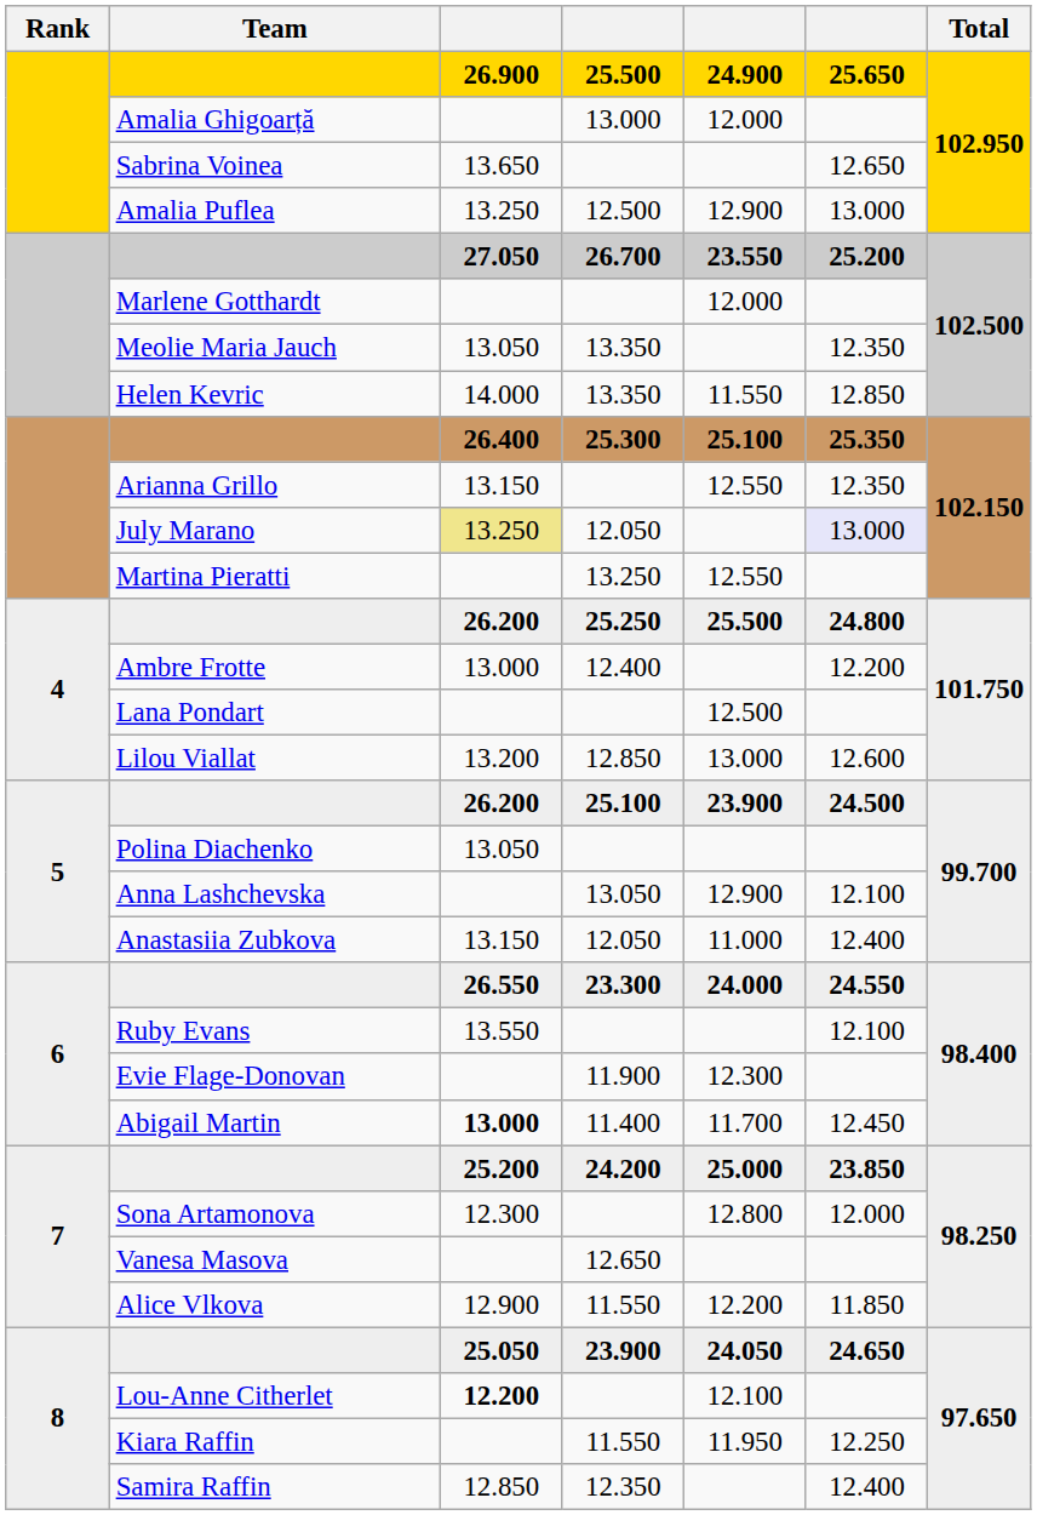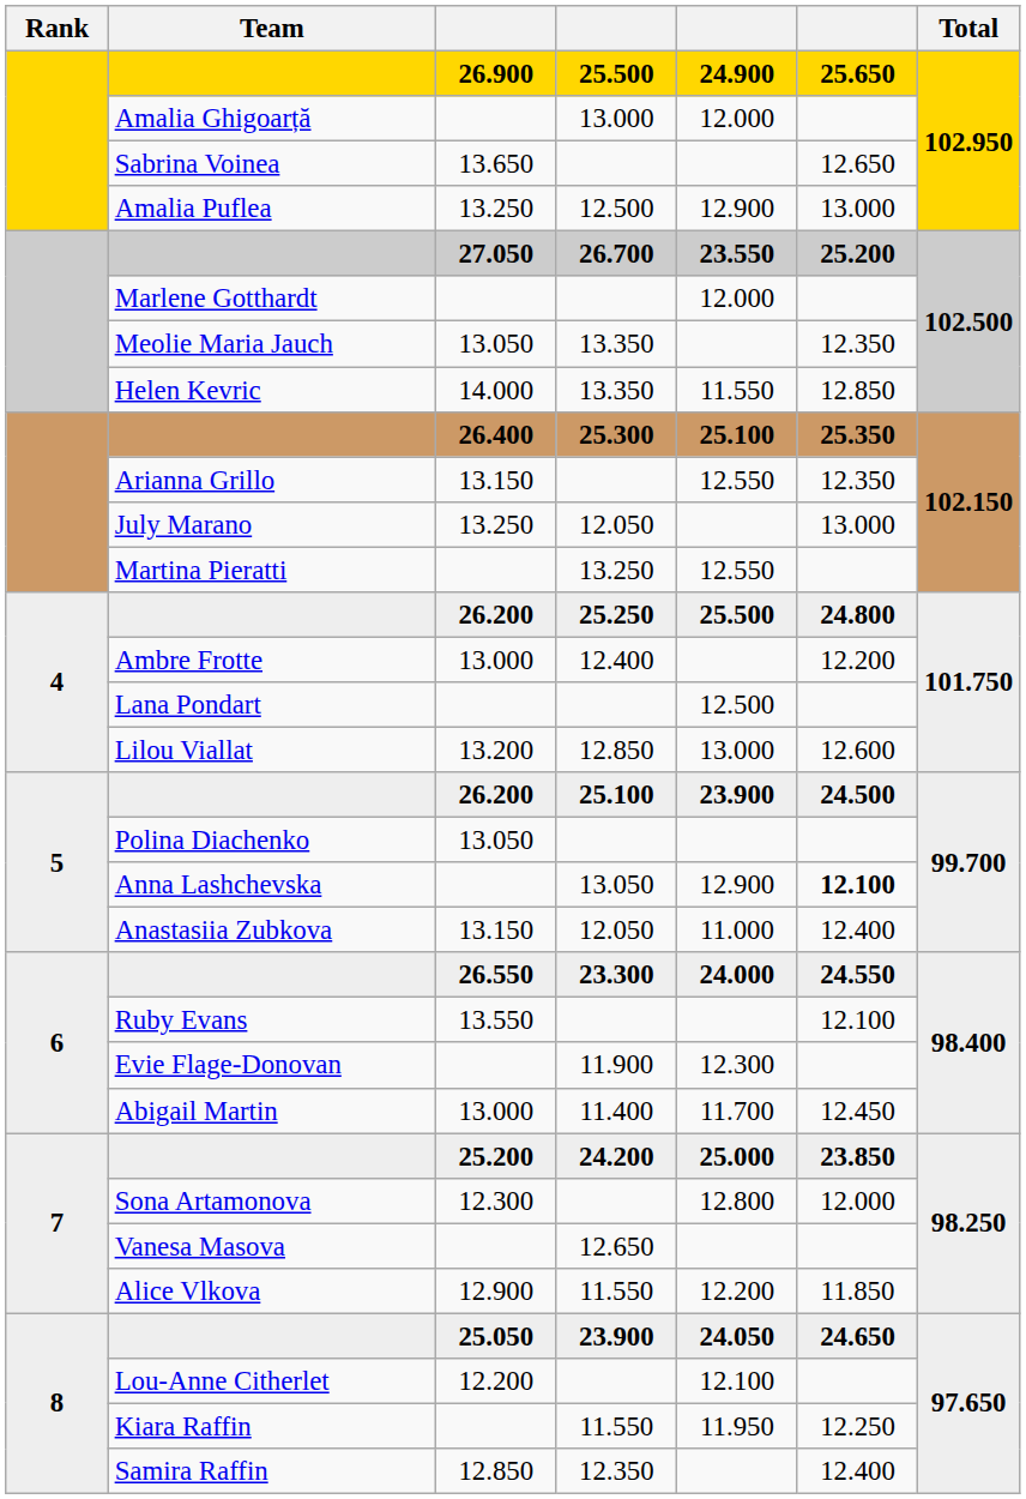 <table style="text-align:center; font-size:95%" class="wikitable sortable">
 <tr>
 <th scope="col" style="width:50px;">Rank</th>
 <th scope="col" style="width:175px;">Team</th>
 <th scope="col" style="width:60px;"></th>
 <th scope="col" style="width:60px;"></th>
 <th scope="col" style="width:60px;"></th>
 <th scope="col" style="width:60px;"></th>
 <th>Total</th>
 </tr>
 <tr style="background:#FFD700;">
 <td rowspan="4"><strong></strong></td>
 <td align="left"></td>
 <td><strong>26.900</strong></td>
 <td><strong>25.500</strong></td>
 <td><strong>24.900</strong></td>
 <td><strong>25.650</strong></td>
 <td rowspan="4"><strong>102.950</strong></td>
 </tr>
 <tr>
 <td align="left"><a href='#'>Amalia Ghigoarță</a></td>
 <td></td>
 <td>13.000</td>
 <td>12.000</td>
 <td></td>
 </tr>
 <tr>
 <td align="left"><a href='#'>Sabrina Voinea</a></td>
 <td>13.650</td>
 <td></td>
 <td></td>
 <td>12.650</td>
 </tr>
 <tr>
 <td align="left"><a href='#'>Amalia Puflea</a></td>
 <td>13.250</td>
 <td>12.500</td>
 <td>12.900</td>
 <td>13.000</td>
 </tr>
 <tr style="background:#CCCCCC;">
 <td rowspan="4"><strong></strong></td>
 <td align="left"></td>
 <td><strong>27.050</strong></td>
 <td><strong>26.700</strong></td>
 <td><strong>23.550</strong></td>
 <td><strong>25.200</strong></td>
 <td rowspan="4"><strong>102.500</strong></td>
 </tr>
 <tr>
 <td align="left"><a href='#'>Marlene Gotthardt</a></td>
 <td></td>
 <td></td>
 <td>12.000</td>
 <td></td>
 </tr>
 <tr>
 <td align="left"><a href='#'>Meolie Maria Jauch</a></td>
 <td>13.050</td>
 <td>13.350</td>
 <td></td>
 <td>12.350</td>
 </tr>
 <tr>
 <td align="left"><a href='#'>Helen Kevric</a></td>
 <td>14.000</td>
 <td>13.350</td>
 <td>11.550</td>
 <td>12.850</td>
 </tr>
 <tr style="background:#CC9966;">
 <td rowspan="4"><strong></strong></td>
 <td align="left"></td>
 <td><strong>26.400</strong></td>
 <td><strong>25.300</strong></td>
 <td><strong>25.100</strong></td>
 <td><strong>25.350</strong></td>
 <td rowspan="4"><strong>102.150</strong></td>
 </tr>
 <tr>
 <td align="left"><a href='#'>Arianna Grillo</a></td>
 <td>13.150</td>
 <td></td>
 <td>12.550</td>
 <td>12.350</td>
 </tr>
 <tr>
 <td align="left"><a href='#'>July Marano</a></td>
-<td style="background: khaki;">13.250</td>
+<td>13.250</td>
 <td>12.050</td>
 <td></td>
-<td style="background: lavender;">13.000</td>
+<td>13.000</td>
 </tr>
 <tr>
 <td align="left"><a href='#'>Martina Pieratti</a></td>
 <td></td>
 <td>13.250</td>
 <td>12.550</td>
 <td></td>
 </tr>
 <tr style="background:#EEE;">
 <td rowspan="4"><strong>4</strong></td>
 <td align="left"></td>
 <td><strong>26.200</strong></td>
 <td><strong>25.250</strong></td>
 <td><strong>25.500</strong></td>
 <td><strong>24.800</strong></td>
 <td rowspan="4"><strong>101.750</strong></td>
 </tr>
 <tr>
 <td align="left"><a href='#'>Ambre Frotte</a></td>
 <td>13.000</td>
 <td>12.400</td>
 <td></td>
 <td>12.200</td>
 </tr>
 <tr>
 <td align="left"><a href='#'>Lana Pondart</a></td>
 <td></td>
 <td></td>
 <td>12.500</td>
 <td></td>
 </tr>
 <tr>
 <td align="left"><a href='#'>Lilou Viallat</a></td>
 <td>13.200</td>
 <td>12.850</td>
 <td>13.000</td>
 <td>12.600</td>
 </tr>
 <tr style="background:#EEE;">
 <td rowspan="4"><strong>5</strong></td>
 <td align="left"></td>
 <td><strong>26.200</strong></td>
 <td><strong>25.100</strong></td>
 <td><strong>23.900</strong></td>
 <td><strong>24.500</strong></td>
 <td rowspan="4"><strong>99.700</strong></td>
 </tr>
 <tr>
 <td align="left"><a href='#'>Polina Diachenko</a></td>
 <td>13.050</td>
 <td></td>
 <td></td>
 <td></td>
 </tr>
 <tr>
 <td align="left"><a href='#'>Anna Lashchevska</a></td>
 <td></td>
 <td>13.050</td>
 <td>12.900</td>
-<td>12.100</td>
+<td><strong>12.100</strong></td>
 </tr>
 <tr>
 <td align="left"><a href='#'>Anastasiia Zubkova</a></td>
 <td>13.150</td>
 <td>12.050</td>
 <td>11.000</td>
 <td>12.400</td>
 </tr>
 <tr style="background:#EEE;">
 <td rowspan="4"><strong>6</strong></td>
 <td align="left"></td>
 <td><strong>26.550</strong></td>
 <td><strong>23.300</strong></td>
 <td><strong>24.000</strong></td>
 <td><strong>24.550</strong></td>
 <td rowspan="4"><strong>98.400</strong></td>
 </tr>
 <tr>
 <td align="left"><a href='#'>Ruby Evans</a></td>
 <td>13.550</td>
 <td></td>
 <td></td>
 <td>12.100</td>
 </tr>
 <tr>
 <td align="left"><a href='#'>Evie Flage-Donovan</a></td>
 <td></td>
 <td>11.900</td>
 <td>12.300</td>
 <td></td>
 </tr>
 <tr>
 <td align="left"><a href='#'>Abigail Martin</a></td>
-<td><strong>13.000</strong></td>
+<td>13.000</td>
 <td>11.400</td>
 <td>11.700</td>
 <td>12.450</td>
 </tr>
 <tr style="background:#EEE;">
 <td rowspan="4"><strong>7</strong></td>
 <td align="left"></td>
 <td><strong>25.200</strong></td>
 <td><strong>24.200</strong></td>
 <td><strong>25.000</strong></td>
 <td><strong>23.850</strong></td>
 <td rowspan="4"><strong>98.250</strong></td>
 </tr>
 <tr>
 <td align="left"><a href='#'>Sona Artamonova</a></td>
 <td>12.300</td>
 <td></td>
 <td>12.800</td>
 <td>12.000</td>
 </tr>
 <tr>
 <td align="left"><a href='#'>Vanesa Masova</a></td>
 <td></td>
 <td>12.650</td>
 <td></td>
 <td></td>
 </tr>
 <tr>
 <td align="left"><a href='#'>Alice Vlkova</a></td>
 <td>12.900</td>
 <td>11.550</td>
 <td>12.200</td>
 <td>11.850</td>
 </tr>
 <tr style="background:#EEE;">
 <td rowspan="4"><strong>8</strong></td>
 <td align="left"></td>
 <td><strong>25.050</strong></td>
 <td><strong>23.900</strong></td>
 <td><strong>24.050</strong></td>
 <td><strong>24.650</strong></td>
 <td rowspan="4"><strong>97.650</strong></td>
 </tr>
 <tr>
 <td align="left"><a href='#'>Lou-Anne Citherlet</a></td>
-<td><strong>12.200</strong></td>
+<td>12.200</td>
 <td></td>
 <td>12.100</td>
 <td></td>
 </tr>
 <tr>
 <td align="left"><a href='#'>Kiara Raffin</a></td>
 <td></td>
 <td>11.550</td>
 <td>11.950</td>
 <td>12.250</td>
 </tr>
 <tr>
 <td align="left"><a href='#'>Samira Raffin</a></td>
 <td>12.850</td>
 <td>12.350</td>
 <td></td>
 <td>12.400</td>
 </tr>
 </table>
